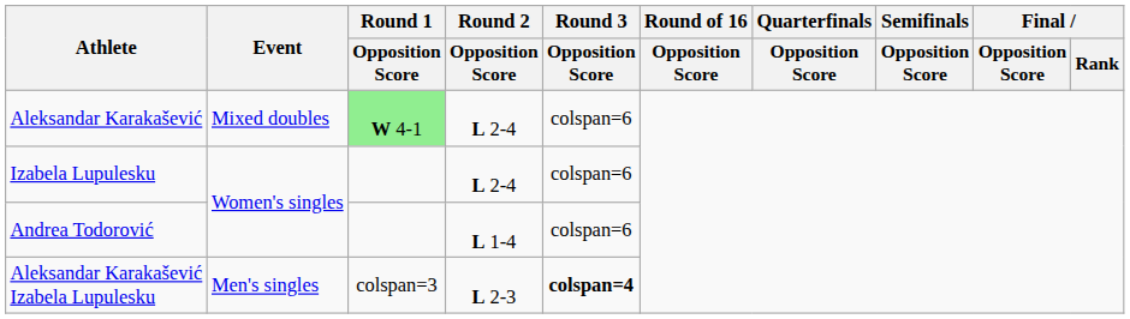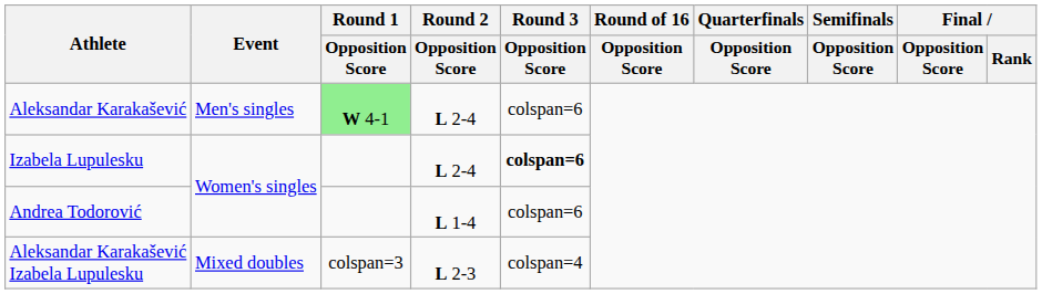 <table class=wikitable style="font-size:90%">
 <tr>
 <th rowspan="2">Athlete</th>
 <th rowspan="2">Event</th>
 <th>Round 1</th>
 <th>Round 2</th>
 <th>Round 3</th>
 <th>Round of 16</th>
 <th>Quarterfinals</th>
 <th>Semifinals</th>
 <th colspan=2>Final / </th>
 </tr>
 <tr style="font-size:95%">
 <th>Opposition<br>Score</th>
 <th>Opposition<br>Score</th>
 <th>Opposition<br>Score</th>
 <th>Opposition<br>Score</th>
 <th>Opposition<br>Score</th>
 <th>Opposition<br>Score</th>
 <th>Opposition<br>Score</th>
 <th>Rank</th>
 </tr>
 <tr align=center>
 <td align=left><a href='#'>Aleksandar Karakašević</a></td>
-<td align=left><a href='#'>Mixed doubles</a></td>
+<td align=left><a href='#'>Men's singles</a></td>
 <td style="background: lightgreen;"><br> <strong>W</strong> 4-1</td>
 <td><br><strong>L</strong> 2-4</td>
 <td>colspan=6 </td>
 </tr>
 <tr align=center>
 <td align=left><a href='#'>Izabela Lupulesku</a></td>
 <td align=left rowspan=2><a href='#'>Women's singles</a></td>
 <td></td>
 <td><br><strong>L</strong> 2-4</td>
-<td>colspan=6 </td>
+<td><strong>colspan=6 </strong></td>
 </tr>
 <tr align=center>
 <td align=left><a href='#'>Andrea Todorović</a></td>
 <td></td>
 <td><br><strong>L</strong> 1-4</td>
 <td>colspan=6</td>
 </tr>
 <tr align=center>
 <td align=left><a href='#'>Aleksandar Karakašević</a><br><a href='#'>Izabela Lupulesku</a></td>
-<td align=left><a href='#'>Men's singles</a></td>
+<td align=left><a href='#'>Mixed doubles</a></td>
 <td>colspan=3 </td>
 <td><br><strong>L</strong> 2-3</td>
-<td><strong>colspan=4 </strong></td>
+<td>colspan=4 </td>
 </tr>
 </table>
